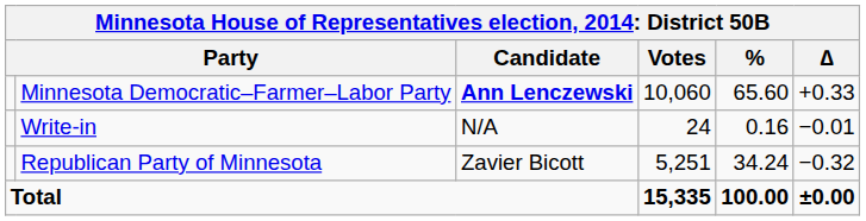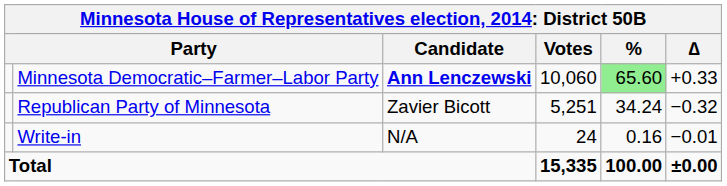 <table class="wikitable">
 <tr>
 <th colspan="6"><a href='#'>Minnesota House of Representatives election, 2014</a>: District 50B</th>
 </tr>
 <tr>
 <th colspan="2">Party</th>
 <th>Candidate</th>
 <th>Votes</th>
 <th>%</th>
 <th>∆</th>
 </tr>
 <tr>
 <td style="background-color:"></td>
 <td><a href='#'>Minnesota Democratic–Farmer–Labor Party</a></td>
 <td><strong><a href='#'>Ann Lenczewski</a></strong></td>
 <td align="right">10,060</td>
-<td align="right">65.60</td>
+<td align="right" style="background: lightgreen;">65.60</td>
 <td align="right">+0.33</td>
+</tr>
+<tr>
+<td style="background-color:"></td>
+<td><a href='#'>Republican Party of Minnesota</a></td>
+<td>Zavier Bicott</td>
+<td align="right">5,251</td>
+<td align="right">34.24</td>
+<td align="right">−0.32</td>
 </tr>
 <tr>
 <td style="background-color:"></td>
 <td><a href='#'>Write-in</a></td>
 <td>N/A</td>
 <td align="right">24</td>
 <td align="right">0.16</td>
 <td align="right">−0.01</td>
 </tr>
 <tr>
-<td style="background-color:"></td>
-<td><a href='#'>Republican Party of Minnesota</a></td>
-<td>Zavier Bicott</td>
-<td align="right">5,251</td>
-<td align="right">34.24</td>
-<td align="right">−0.32</td>
-</tr>
-<tr>
 <td colspan="3"><strong>Total</strong></td>
 <td align="right"><strong>15,335</strong></td>
 <td align="right"><strong>100.00</strong></td>
 <td align="right"><strong>±0.00</strong></td>
 </tr>
 </table>
